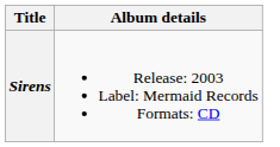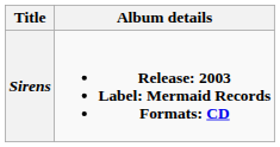 <table class="wikitable plainrowheaders" style="text-align:center;">
 <tr>
 <th scope="col" rowspan="1">Title</th>
 <th scope="col" rowspan="1">Album details</th>
 </tr>
 <tr>
 <th scope="row"><em>Sirens</em></th>
-<td><br><ul><li>Release: 2003</li><li>Label: Mermaid Records</li><li>Formats: <a href='#'>CD</a></li></ul></td>
+<td><strong><br><ul><li>Release: 2003</li><li>Label: Mermaid Records</li><li>Formats: <a href='#'>CD</a></li></ul></strong></td>
 </tr>
 </table>
